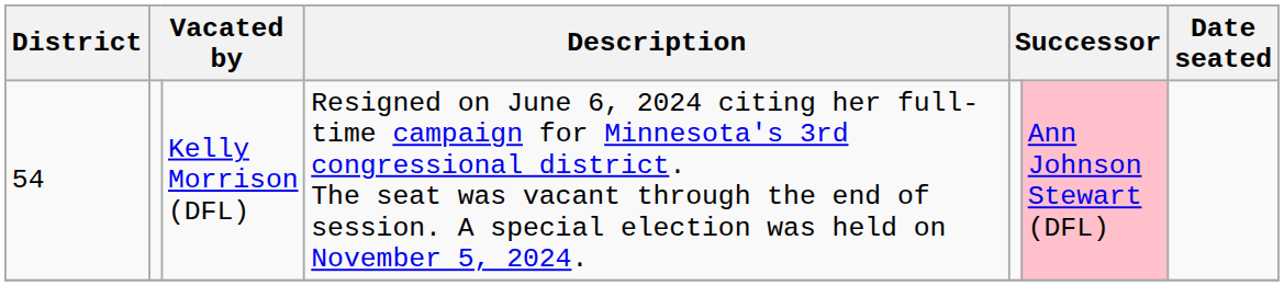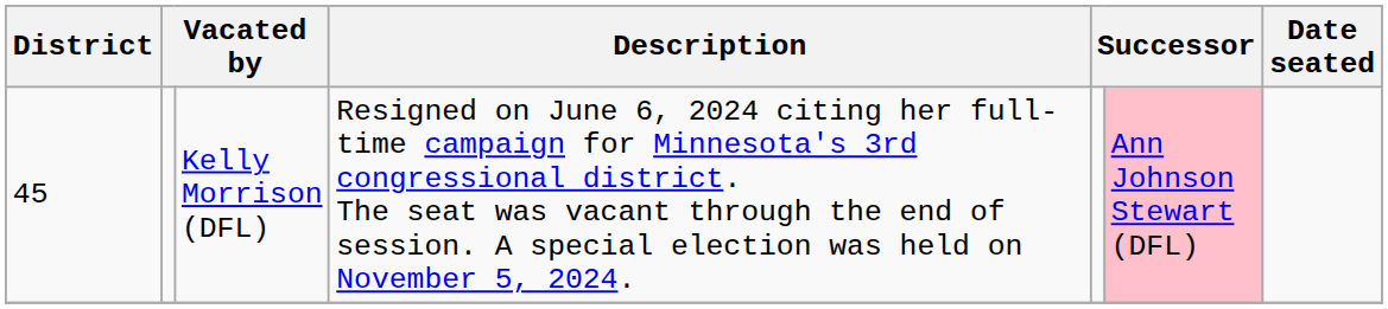 <table class="wikitable">
 <tr>
 <th>District</th>
 <th colspan="2">Vacated by</th>
 <th style="width:600px">Description</th>
 <th colspan="2">Successor</th>
 <th>Date <br>seated</th>
 </tr>
 <tr>
-<td>54</td>
+<td>45</td>
 <td style="background:"></td>
 <td><a href='#'>Kelly Morrison</a> (DFL)</td>
 <td>Resigned on June 6, 2024 citing her full-time <a href='#'>campaign</a> for <a href='#'>Minnesota's 3rd congressional district</a>.<br>The seat was vacant through the end of session. A special election was held on <a href='#'>November 5, 2024</a>.</td>
 <td style="background:"></td>
 <td style="background: pink;"><a href='#'>Ann Johnson Stewart</a> (DFL)</td>
 <td></td>
 </tr>
 <tr>
 </tr>
 </table>
